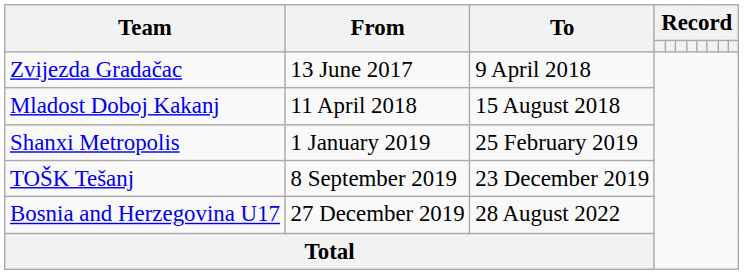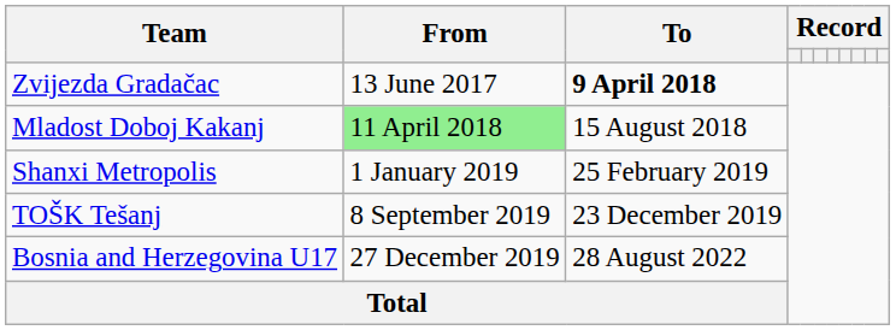 <table class="wikitable" tyle="text-align: center">
 <tr>
 <th rowspan="2">Team</th>
 <th rowspan="2">From</th>
 <th rowspan="2">To</th>
 <th colspan="8">Record</th>
 </tr>
 <tr>
 <th></th>
 <th></th>
 <th></th>
 <th></th>
 <th></th>
 <th></th>
 <th></th>
 <th></th>
 </tr>
 <tr>
 <td align=left><a href='#'>Zvijezda Gradačac</a></td>
 <td align=left>13 June 2017</td>
-<td align=left>9 April 2018<br></td>
+<td align=left><strong>9 April 2018<br></strong></td>
 </tr>
 <tr>
 <td align=left><a href='#'>Mladost Doboj Kakanj</a></td>
-<td align=left>11 April 2018</td>
+<td align=left style="background: lightgreen;">11 April 2018</td>
 <td align=left>15 August 2018<br></td>
 </tr>
 <tr>
 <td align=left><a href='#'>Shanxi Metropolis</a></td>
 <td align=left>1 January 2019</td>
 <td align=left>25 February 2019<br></td>
 </tr>
 <tr>
 <td align=left><a href='#'>TOŠK Tešanj</a></td>
 <td align=left>8 September 2019</td>
 <td align=left>23 December 2019<br></td>
 </tr>
 <tr>
 <td align=left><a href='#'>Bosnia and Herzegovina U17</a></td>
 <td align=left>27 December 2019</td>
 <td align=left>28 August 2022<br></td>
 </tr>
 <tr>
 <th colspan="3">Total<br></th>
 </tr>
 </table>
